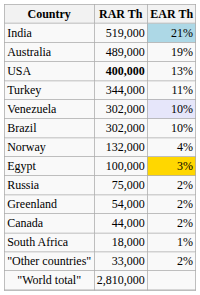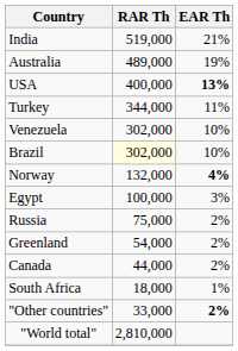 <table class="sortable wikitable" style="text-align:right;">
 <tr>
 <th align="left">Country</th>
 <th>RAR Th</th>
 <th>EAR Th</th>
 </tr>
 <tr>
 <td align="left">India</td>
 <td>519,000</td>
-<td style="background: lightblue;">21%</td>
+<td>21%</td>
 </tr>
 <tr>
 <td align="left">Australia</td>
 <td>489,000</td>
 <td>19%</td>
 </tr>
 <tr>
 <td align="left">USA</td>
-<td><strong>400,000</strong></td>
-<td>13%</td>
+<td>400,000</td>
+<td><strong>13%</strong></td>
 </tr>
 <tr>
 <td align="left">Turkey</td>
 <td>344,000</td>
 <td>11%</td>
 </tr>
 <tr>
 <td align="left">Venezuela</td>
 <td>302,000</td>
-<td style="background: lavender;">10%</td>
+<td>10%</td>
 </tr>
 <tr>
 <td align="left">Brazil</td>
-<td>302,000</td>
+<td style="background: lightyellow;">302,000</td>
 <td>10%</td>
 </tr>
 <tr>
 <td align="left">Norway</td>
 <td>132,000</td>
-<td>4%</td>
+<td><strong>4%</strong></td>
 </tr>
 <tr>
 <td align="left">Egypt</td>
 <td>100,000</td>
-<td style="background: gold;">3%</td>
+<td>3%</td>
 </tr>
 <tr>
 <td align="left">Russia</td>
 <td>75,000</td>
 <td>2%</td>
 </tr>
 <tr>
 <td align="left">Greenland</td>
 <td>54,000</td>
 <td>2%</td>
 </tr>
 <tr>
 <td align="left">Canada</td>
 <td>44,000</td>
 <td>2%</td>
 </tr>
 <tr>
 <td align="left">South Africa</td>
 <td>18,000</td>
 <td>1%</td>
 </tr>
 <tr>
 <td align="left">"Other countries"</td>
 <td>33,000</td>
-<td>2%</td>
+<td><strong>2%</strong></td>
 </tr>
 <tr>
 <td align="center">"World total"</td>
 <td>2,810,000</td>
 <td></td>
 </tr>
 <tr>
 </tr>
 </table>
